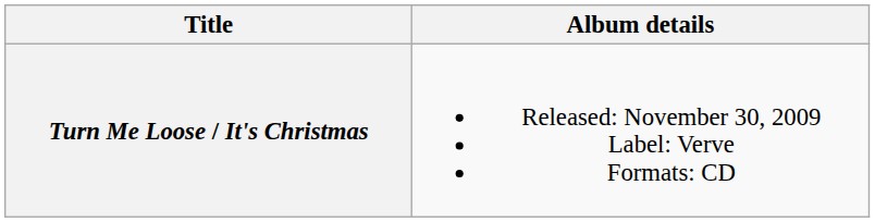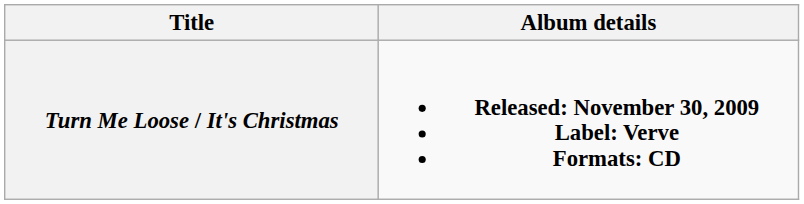 <table class="wikitable plainrowheaders" style="text-align:center;">
 <tr>
 <th scope="col" rowspan="1" style="width:16em;">Title</th>
 <th scope="col" rowspan="1" style="width:18em;">Album details</th>
 </tr>
 <tr>
 <th scope="row"><em>Turn Me Loose</em> / <em>It's Christmas</em></th>
-<td><br><ul><li>Released: November 30, 2009</li><li>Label: Verve</li><li>Formats: CD</li></ul></td>
+<td><strong><br><ul><li>Released: November 30, 2009</li><li>Label: Verve</li><li>Formats: CD</li></ul></strong></td>
 </tr>
 </table>
